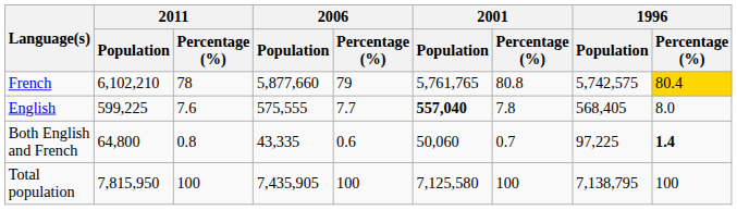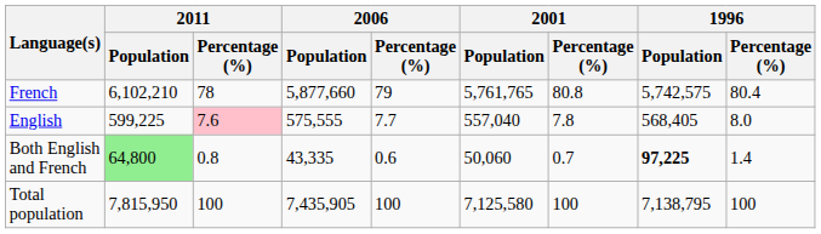 <table class="wikitable">
 <tr>
 <th rowspan="2">Language(s)</th>
 <th colspan="2">2011</th>
 <th colspan="2">2006</th>
 <th colspan="2">2001</th>
 <th colspan="3">1996</th>
 </tr>
 <tr>
 <th>Population</th>
 <th>Percentage (%)</th>
 <th>Population</th>
 <th>Percentage (%)</th>
 <th>Population</th>
 <th>Percentage (%)</th>
 <th>Population</th>
 <th>Percentage (%)</th>
 </tr>
 <tr>
 <td><a href='#'>French</a></td>
 <td>6,102,210</td>
 <td>78</td>
 <td>5,877,660</td>
 <td>79</td>
 <td>5,761,765</td>
 <td>80.8</td>
 <td>5,742,575</td>
-<td style="background: gold;">80.4</td>
+<td>80.4</td>
 </tr>
 <tr>
 <td><a href='#'>English</a></td>
 <td>599,225</td>
-<td>7.6</td>
+<td style="background: pink;">7.6</td>
 <td>575,555</td>
 <td>7.7</td>
-<td><strong>557,040</strong></td>
+<td>557,040</td>
 <td>7.8</td>
 <td>568,405</td>
 <td>8.0</td>
 </tr>
 <tr>
 <td>Both English and French</td>
-<td>64,800</td>
+<td style="background: lightgreen;">64,800</td>
 <td>0.8</td>
 <td>43,335</td>
 <td>0.6</td>
 <td>50,060</td>
 <td>0.7</td>
-<td>97,225</td>
-<td><strong>1.4</strong></td>
+<td><strong>97,225</strong></td>
+<td>1.4</td>
 </tr>
 <tr>
 <td>Total population</td>
 <td>7,815,950</td>
 <td>100</td>
 <td>7,435,905</td>
 <td>100</td>
 <td>7,125,580</td>
 <td>100</td>
 <td>7,138,795</td>
 <td>100</td>
 </tr>
 </table>
